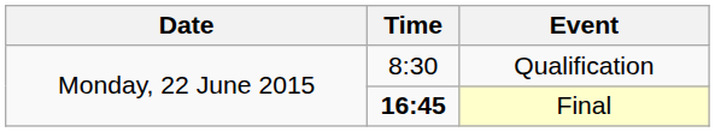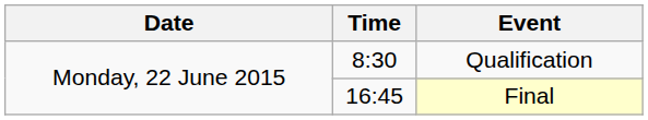 <table class = "wikitable" style="text-align:center;">
 <tr>
 <th width=220>Date</th>
 <th width=50>Time</th>
 <th width=150>Event</th>
 </tr>
 <tr>
 <td rowspan=2>Monday, 22 June 2015</td>
 <td>8:30</td>
 <td>Qualification</td>
 </tr>
 <tr>
-<td><strong>16:45</strong></td>
+<td>16:45</td>
 <td bgcolor=ffffcc>Final</td>
 </tr>
 </table>
